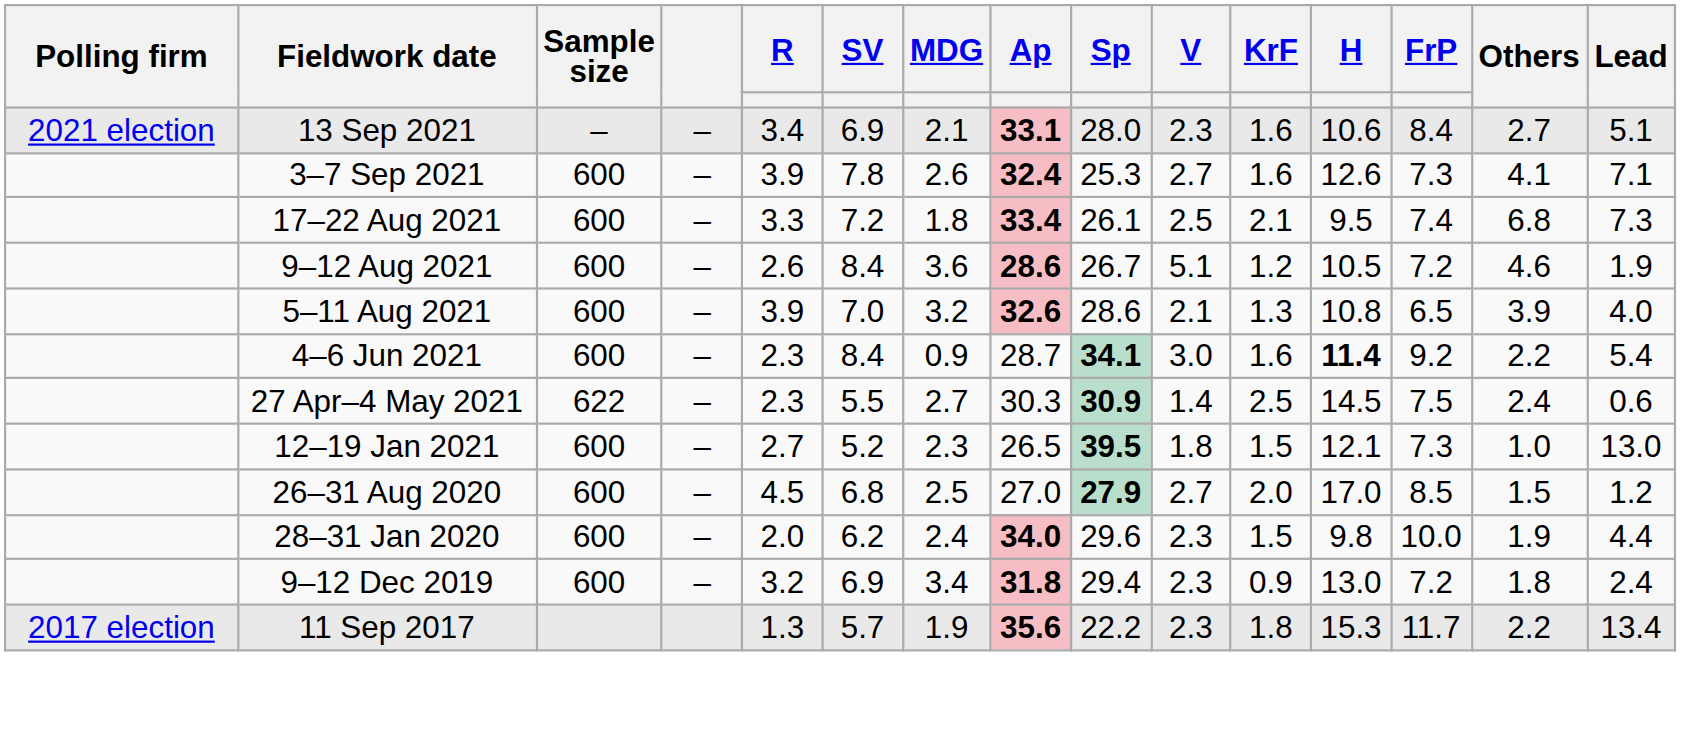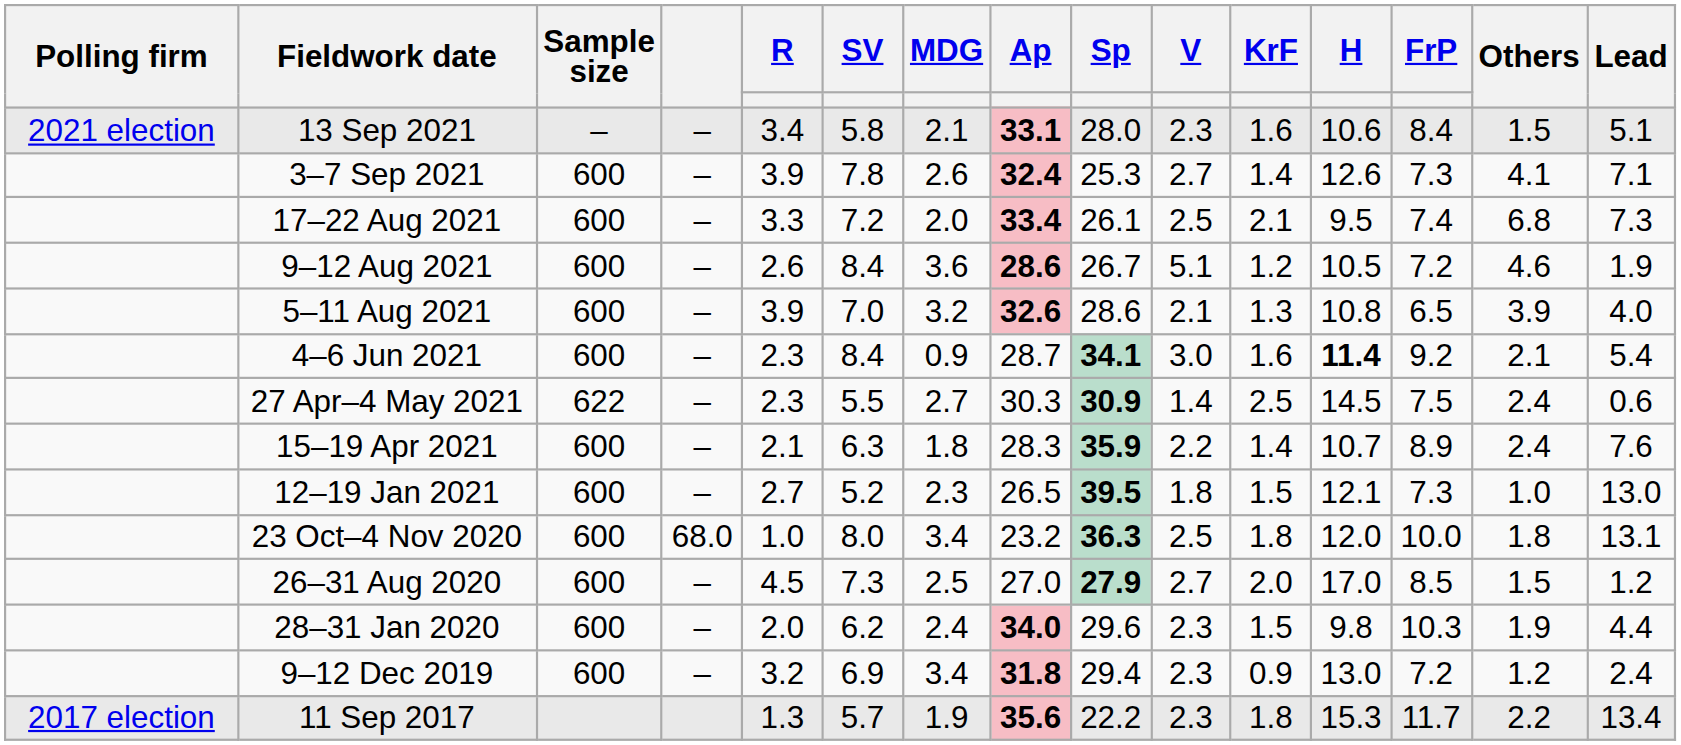 <table class="wikitable mw-collapsible sortable" style="text-align:center;font-size:90%;line-height:14px;">
 <tr style="height:40px;">
 <th rowspan="2" style="width:100px;">Polling firm</th>
 <th rowspan="2" style="width:130px;">Fieldwork date</th>
 <th rowspan="2" style="width:35px;">Sample<br>size</th>
 <th rowspan="2" style="width:30px;"></th>
 <th class="unsortable" style="width:30px;"><a href='#'>R</a></th>
 <th class="unsortable" style="width:30px;"><a href='#'>SV</a></th>
 <th class="unsortable" style="width:30px;"><a href='#'>MDG</a></th>
 <th class="unsortable" style="width:30px;"><a href='#'>Ap</a></th>
 <th class="unsortable" style="width:30px;"><a href='#'>Sp</a></th>
 <th class="unsortable" style="width:30px;"><a href='#'>V</a></th>
 <th class="unsortable" style="width:30px;"><a href='#'>KrF</a></th>
 <th class="unsortable" style="width:30px;"><a href='#'>H</a></th>
 <th class="unsortable" style="width:30px;"><a href='#'>FrP</a></th>
 <th class="unsortable" style="width:20px;" rowspan="2">Others</th>
 <th rowspan="2" style="width:30px;">Lead</th>
 </tr>
 <tr>
 <th style="background:"></th>
 <th style="background:"></th>
 <th style="background:"></th>
 <th style="background:"></th>
 <th style="background:"></th>
 <th style="background:"></th>
 <th style="background:"></th>
 <th style="background:"></th>
 <th style="background:"></th>
 </tr>
 <tr style="background:#E9E9E9;">
 <td><a href='#'>2021 election</a></td>
 <td>13 Sep 2021</td>
 <td>–</td>
 <td>–</td>
 <td>3.4</td>
-<td>6.9</td>
+<td>5.8</td>
 <td>2.1</td>
 <td style="background:#F7BDC5;"><strong>33.1</strong></td>
 <td>28.0</td>
 <td>2.3</td>
 <td>1.6</td>
 <td>10.6</td>
 <td>8.4</td>
-<td>2.7</td>
+<td>1.5</td>
 <td style="background:">5.1</td>
 </tr>
 <tr>
 <td></td>
 <td>3–7 Sep 2021</td>
 <td>600</td>
 <td>–</td>
 <td>3.9</td>
 <td>7.8</td>
 <td>2.6</td>
 <td style="background:#F7BDC5;"><strong>32.4</strong></td>
 <td>25.3</td>
 <td>2.7</td>
-<td>1.6</td>
+<td>1.4</td>
 <td>12.6</td>
 <td>7.3</td>
 <td>4.1</td>
 <td style="background:">7.1</td>
 </tr>
 <tr>
 <td></td>
 <td>17–22 Aug 2021</td>
 <td>600</td>
 <td>–</td>
 <td>3.3</td>
 <td>7.2</td>
-<td>1.8</td>
+<td>2.0</td>
 <td style="background:#F7BDC5;"><strong>33.4</strong></td>
 <td>26.1</td>
 <td>2.5</td>
 <td>2.1</td>
 <td>9.5</td>
 <td>7.4</td>
 <td>6.8</td>
 <td style="background:">7.3</td>
 </tr>
 <tr>
 <td></td>
 <td>9–12 Aug 2021</td>
 <td>600</td>
 <td>–</td>
 <td>2.6</td>
 <td>8.4</td>
 <td>3.6</td>
 <td style="background:#F7BDC5;"><strong>28.6</strong></td>
 <td>26.7</td>
 <td>5.1</td>
 <td>1.2</td>
 <td>10.5</td>
 <td>7.2</td>
 <td>4.6</td>
 <td style="background:">1.9</td>
 </tr>
 <tr>
 <td></td>
 <td>5–11 Aug 2021</td>
 <td>600</td>
 <td>–</td>
 <td>3.9</td>
 <td>7.0</td>
 <td>3.2</td>
 <td style="background:#F7BDC5;"><strong>32.6</strong></td>
 <td>28.6</td>
 <td>2.1</td>
 <td>1.3</td>
 <td>10.8</td>
 <td>6.5</td>
 <td>3.9</td>
 <td style="background:">4.0</td>
 </tr>
 <tr>
 <td></td>
 <td>4–6 Jun 2021</td>
 <td>600</td>
 <td>–</td>
 <td>2.3</td>
 <td>8.4</td>
 <td>0.9</td>
 <td>28.7</td>
 <td style="background:#BADECC;"><strong>34.1</strong></td>
 <td>3.0</td>
 <td>1.6</td>
 <td><strong>11.4</strong></td>
 <td>9.2</td>
-<td>2.2</td>
+<td>2.1</td>
 <td style="background:">5.4</td>
 </tr>
 <tr>
 <td></td>
 <td>27 Apr–4 May 2021</td>
 <td>622</td>
 <td>–</td>
 <td>2.3</td>
 <td>5.5</td>
 <td>2.7</td>
 <td>30.3</td>
 <td style="background:#BADECC;"><strong>30.9</strong></td>
 <td>1.4</td>
 <td>2.5</td>
 <td>14.5</td>
 <td>7.5</td>
 <td>2.4</td>
 <td style="background:">0.6</td>
 </tr>
 <tr>
 <td></td>
+<td>15–19 Apr 2021</td>
+<td>600</td>
+<td>–</td>
+<td>2.1</td>
+<td>6.3</td>
+<td>1.8</td>
+<td>28.3</td>
+<td style="background:#BADECC;"><strong>35.9</strong></td>
+<td>2.2</td>
+<td>1.4</td>
+<td>10.7</td>
+<td>8.9</td>
+<td>2.4</td>
+<td style="background:">7.6</td>
+</tr>
+<tr>
+<td></td>
 <td>12–19 Jan 2021</td>
 <td>600</td>
 <td>–</td>
 <td>2.7</td>
 <td>5.2</td>
 <td>2.3</td>
 <td>26.5</td>
 <td style="background:#BADECC;"><strong>39.5</strong></td>
 <td>1.8</td>
 <td>1.5</td>
 <td>12.1</td>
 <td>7.3</td>
 <td>1.0</td>
 <td style="background:">13.0</td>
 </tr>
 <tr>
 <td></td>
+<td>23 Oct–4 Nov 2020</td>
+<td>600</td>
+<td>68.0</td>
+<td>1.0</td>
+<td>8.0</td>
+<td>3.4</td>
+<td>23.2</td>
+<td style="background:#BADECC;"><strong>36.3</strong></td>
+<td>2.5</td>
+<td>1.8</td>
+<td>12.0</td>
+<td>10.0</td>
+<td>1.8</td>
+<td style="background:">13.1</td>
+</tr>
+<tr>
+<td></td>
 <td>26–31 Aug 2020</td>
 <td>600</td>
 <td>–</td>
 <td>4.5</td>
-<td>6.8</td>
+<td>7.3</td>
 <td>2.5</td>
 <td>27.0</td>
 <td style="background:#BADECC;"><strong>27.9</strong></td>
 <td>2.7</td>
 <td>2.0</td>
 <td>17.0</td>
 <td>8.5</td>
 <td>1.5</td>
 <td style="background:">1.2</td>
 </tr>
 <tr>
 <td></td>
 <td data-sort-value="2017-12-20">28–31 Jan 2020</td>
 <td>600</td>
 <td>–</td>
 <td>2.0</td>
 <td>6.2</td>
 <td>2.4</td>
 <td style="background:#F7BDC5;"><strong>34.0</strong></td>
 <td>29.6</td>
 <td>2.3</td>
 <td>1.5</td>
 <td>9.8</td>
-<td>10.0</td>
+<td>10.3</td>
 <td>1.9</td>
 <td style="background:">4.4</td>
 </tr>
 <tr>
 <td></td>
 <td>9–12 Dec 2019</td>
 <td>600</td>
 <td>–</td>
 <td>3.2</td>
 <td>6.9</td>
 <td>3.4</td>
 <td style="background:#F7BDC5;"><strong>31.8</strong></td>
 <td>29.4</td>
 <td>2.3</td>
 <td>0.9</td>
 <td>13.0</td>
 <td>7.2</td>
-<td>1.8</td>
+<td>1.2</td>
 <td style="background:">2.4</td>
 </tr>
 <tr style="background:#E9E9E9;">
 <td><a href='#'>2017 election</a></td>
 <td>11 Sep 2017</td>
 <td></td>
 <td></td>
 <td>1.3</td>
 <td>5.7</td>
 <td>1.9</td>
 <td style="background:#F7BDC5;"><strong>35.6</strong></td>
 <td>22.2</td>
 <td>2.3</td>
 <td>1.8</td>
 <td>15.3</td>
 <td>11.7</td>
 <td>2.2</td>
 <td style="background:">13.4</td>
 </tr>
 </table>
